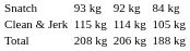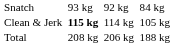 <table>
 <tr>
 <td>Snatch</td>
 <td></td>
 <td>93 kg</td>
 <td></td>
 <td>92 kg</td>
 <td></td>
 <td>84 kg</td>
 </tr>
 <tr>
 <td>Clean & Jerk</td>
 <td></td>
-<td>115 kg</td>
+<td><strong>115 kg</strong></td>
 <td></td>
 <td>114 kg</td>
 <td></td>
 <td>105 kg</td>
 </tr>
 <tr>
 <td>Total</td>
 <td></td>
 <td>208 kg</td>
 <td></td>
 <td>206 kg</td>
 <td></td>
 <td>188 kg</td>
 </tr>
 </table>
